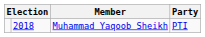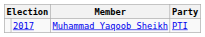 <table class="wikitable">
 <tr>
 <th colspan="2">Election</th>
 <th>Member</th>
 <th>Party</th>
 </tr>
 <tr>
 <td style="background-color: "></td>
-<td><a href='#'>2018</a></td>
+<td><a href='#'>2017</a></td>
 <td><a href='#'>Muhammad Yaqoob Sheikh</a></td>
 <td><a href='#'>PTI</a></td>
 </tr>
 </table>
